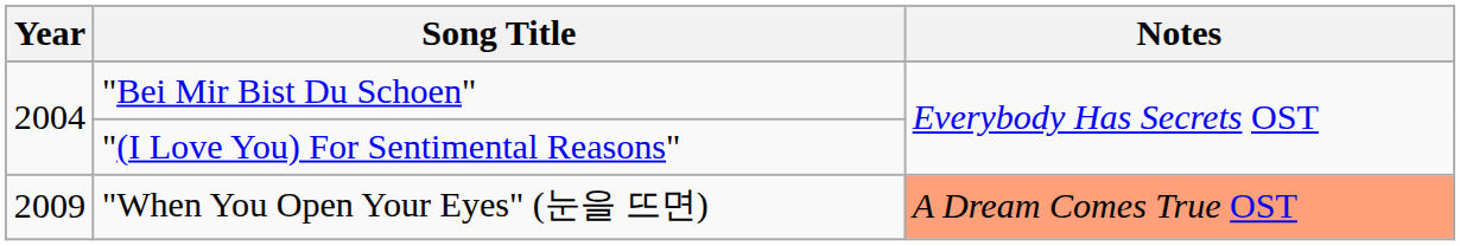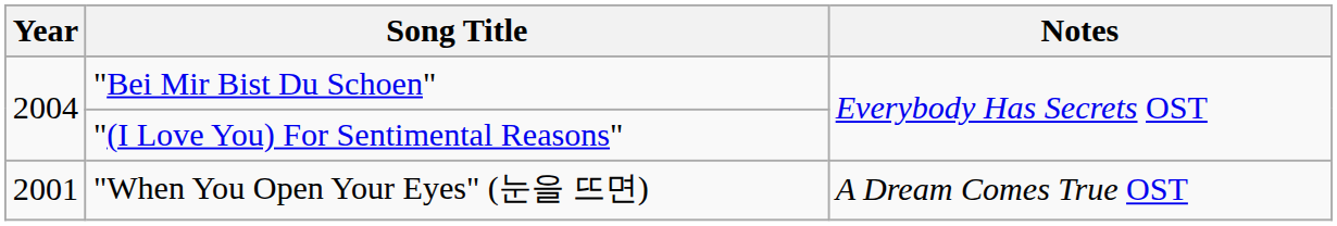 <table class="wikitable" style="width:650px">
 <tr>
 <th width="10">Year</th>
 <th>Song Title</th>
 <th>Notes</th>
 </tr>
 <tr>
 <td rowspan="2">2004</td>
 <td>"<a href='#'>Bei Mir Bist Du Schoen</a>"</td>
 <td rowspan="2"><em><a href='#'>Everybody Has Secrets</a></em> <a href='#'>OST</a></td>
 </tr>
 <tr>
 <td>"<a href='#'>(I Love You) For Sentimental Reasons</a>"</td>
 </tr>
 <tr>
-<td>2009</td>
+<td>2001</td>
 <td>"When You Open Your Eyes" (눈을 뜨면)</td>
-<td style="background: lightsalmon;"><em>A Dream Comes True</em> <a href='#'>OST</a></td>
+<td><em>A Dream Comes True</em> <a href='#'>OST</a></td>
 </tr>
 </table>
